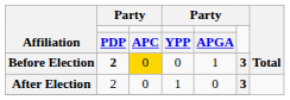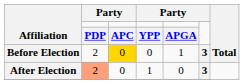 <table class=wikitable style="text-align:center">
 <tr style="vertical-align:bottom;">
 <th rowspan=3>Affiliation</th>
 <th colspan=2>Party</th>
 <th colspan=3>Party</th>
 <th rowspan=4>Total</th>
 </tr>
 <tr>
 <td style="background-color:"></td>
 <td style="background-color:"></td>
 <td style="background-color:"></td>
 <td style="background-color:"></td>
 </tr>
 <tr>
 <th><a href='#'>PDP</a></th>
 <th><a href='#'>APC</a></th>
 <th><a href='#'>YPP</a></th>
 <th><a href='#'>APGA</a></th>
 </tr>
 <tr>
 <th>Before Election</th>
-<td><strong>2</strong></td>
+<td>2</td>
 <td style="background: gold;">0</td>
 <td>0</td>
 <td>1</td>
 <th>3</th>
 </tr>
 <tr>
 <th>After Election</th>
-<td>2</td>
+<td style="background: lightsalmon;">2</td>
 <td>0</td>
 <td>1</td>
 <td>0</td>
 <th>3</th>
 </tr>
 <tr>
 </tr>
 </table>
